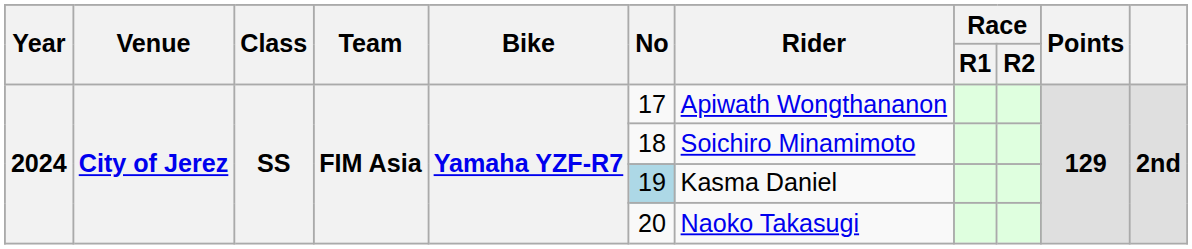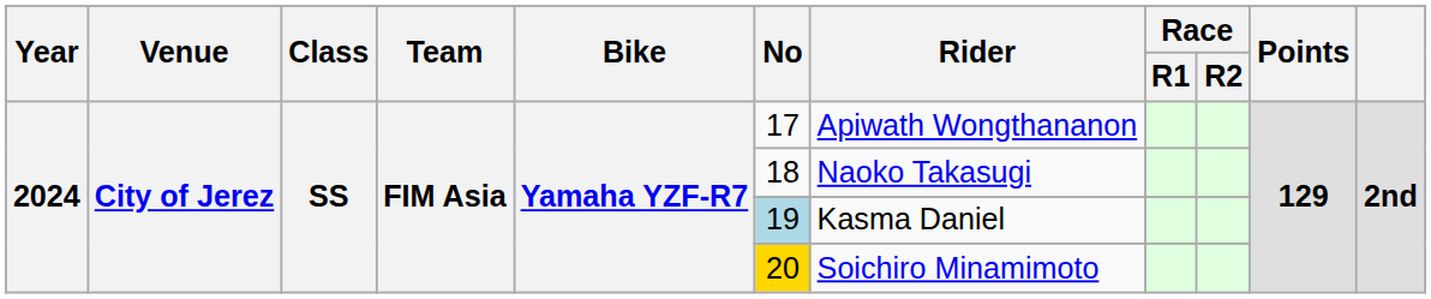 <table class="wikitable" style="text-align:center; font-size:85%">
 <tr>
 <th valign="middle" rowspan=2>Year</th>
 <th valign="middle" rowspan=2>Venue</th>
 <th valign="middle" rowspan=2>Class</th>
 <th valign="middle" rowspan=2>Team</th>
 <th valign="middle" rowspan=2>Bike</th>
 <th valign="middle" rowspan=2>No</th>
 <th valign="middle" rowspan=2>Rider</th>
 <th colspan=2>Race</th>
 <th valign="middle" rowspan=2>Points</th>
 <th valign="middle" rowspan=2></th>
 </tr>
 <tr>
 <th>R1</th>
 <th>R2</th>
 </tr>
 <tr>
 <th rowspan=4>2024</th>
 <th rowspan=4><a href='#'>City of Jerez</a></th>
 <th rowspan=4>SS</th>
 <th rowspan=4>FIM Asia</th>
 <th rowspan=4><a href='#'>Yamaha YZF-R7</a></th>
 <td>17</td>
 <td align=left> <a href='#'>Apiwath Wongthananon</a></td>
 <td style="background:#dfffdf;"></td>
 <td style="background:#dfffdf;"></td>
 <th rowspan=4 style="background:#dfdfdf;"><strong>129</strong></th>
 <th rowspan=4 style="background:#dfdfdf;"><strong>2nd</strong></th>
 </tr>
 <tr>
 <td>18</td>
-<td align=left> <a href='#'>Soichiro Minamimoto</a></td>
+<td align=left> <a href='#'>Naoko Takasugi</a></td>
 <td style="background:#DFFFDF;"></td>
 <td style="background:#dfffdf;"></td>
 </tr>
 <tr>
 <td style="background: lightblue;">19</td>
 <td align=left> Kasma Daniel</td>
 <td style="background:#DFFFDF;"></td>
 <td style="background:#dfffdf;"></td>
 </tr>
 <tr>
-<td>20</td>
-<td align=left> <a href='#'>Naoko Takasugi</a></td>
+<td style="background: gold;">20</td>
+<td align=left> <a href='#'>Soichiro Minamimoto</a></td>
 <td style="background:#dfffdf;"></td>
 <td style="background:#dfffdf;"></td>
 </tr>
 </table>
